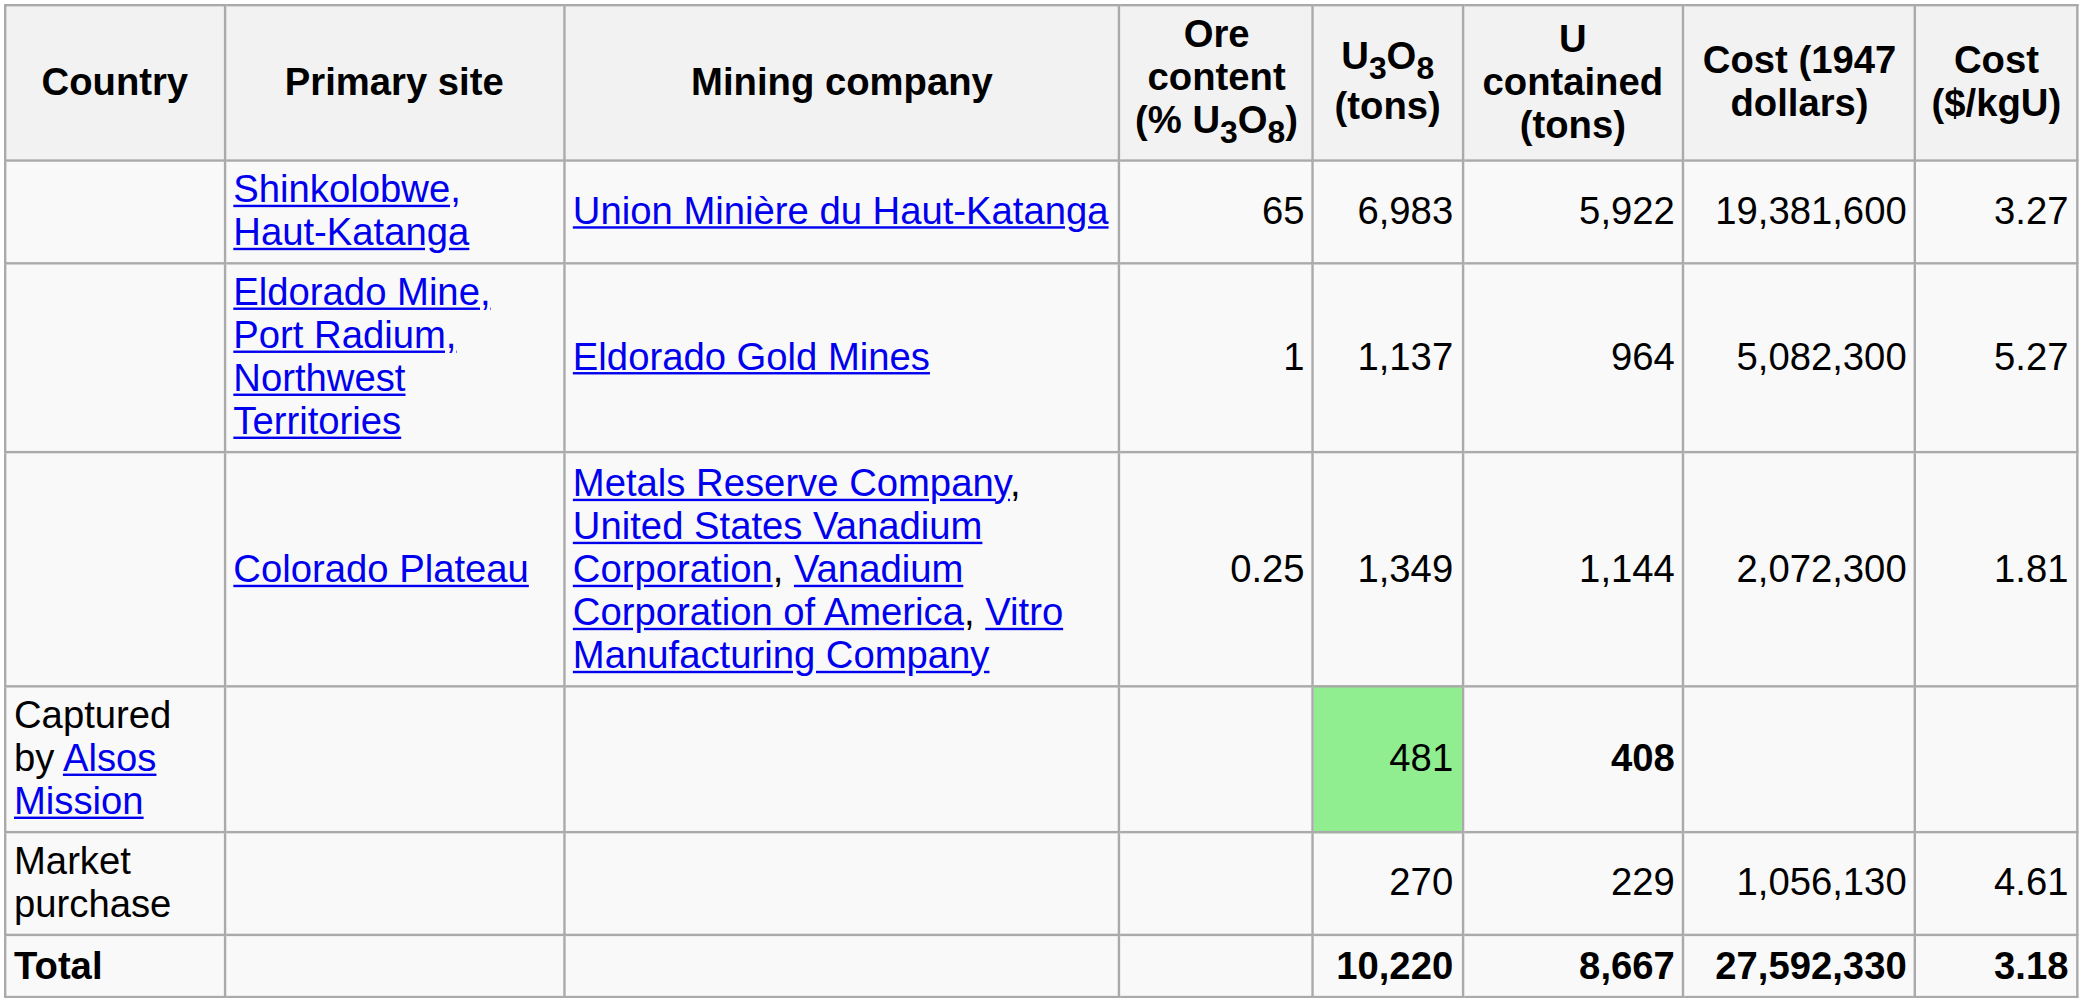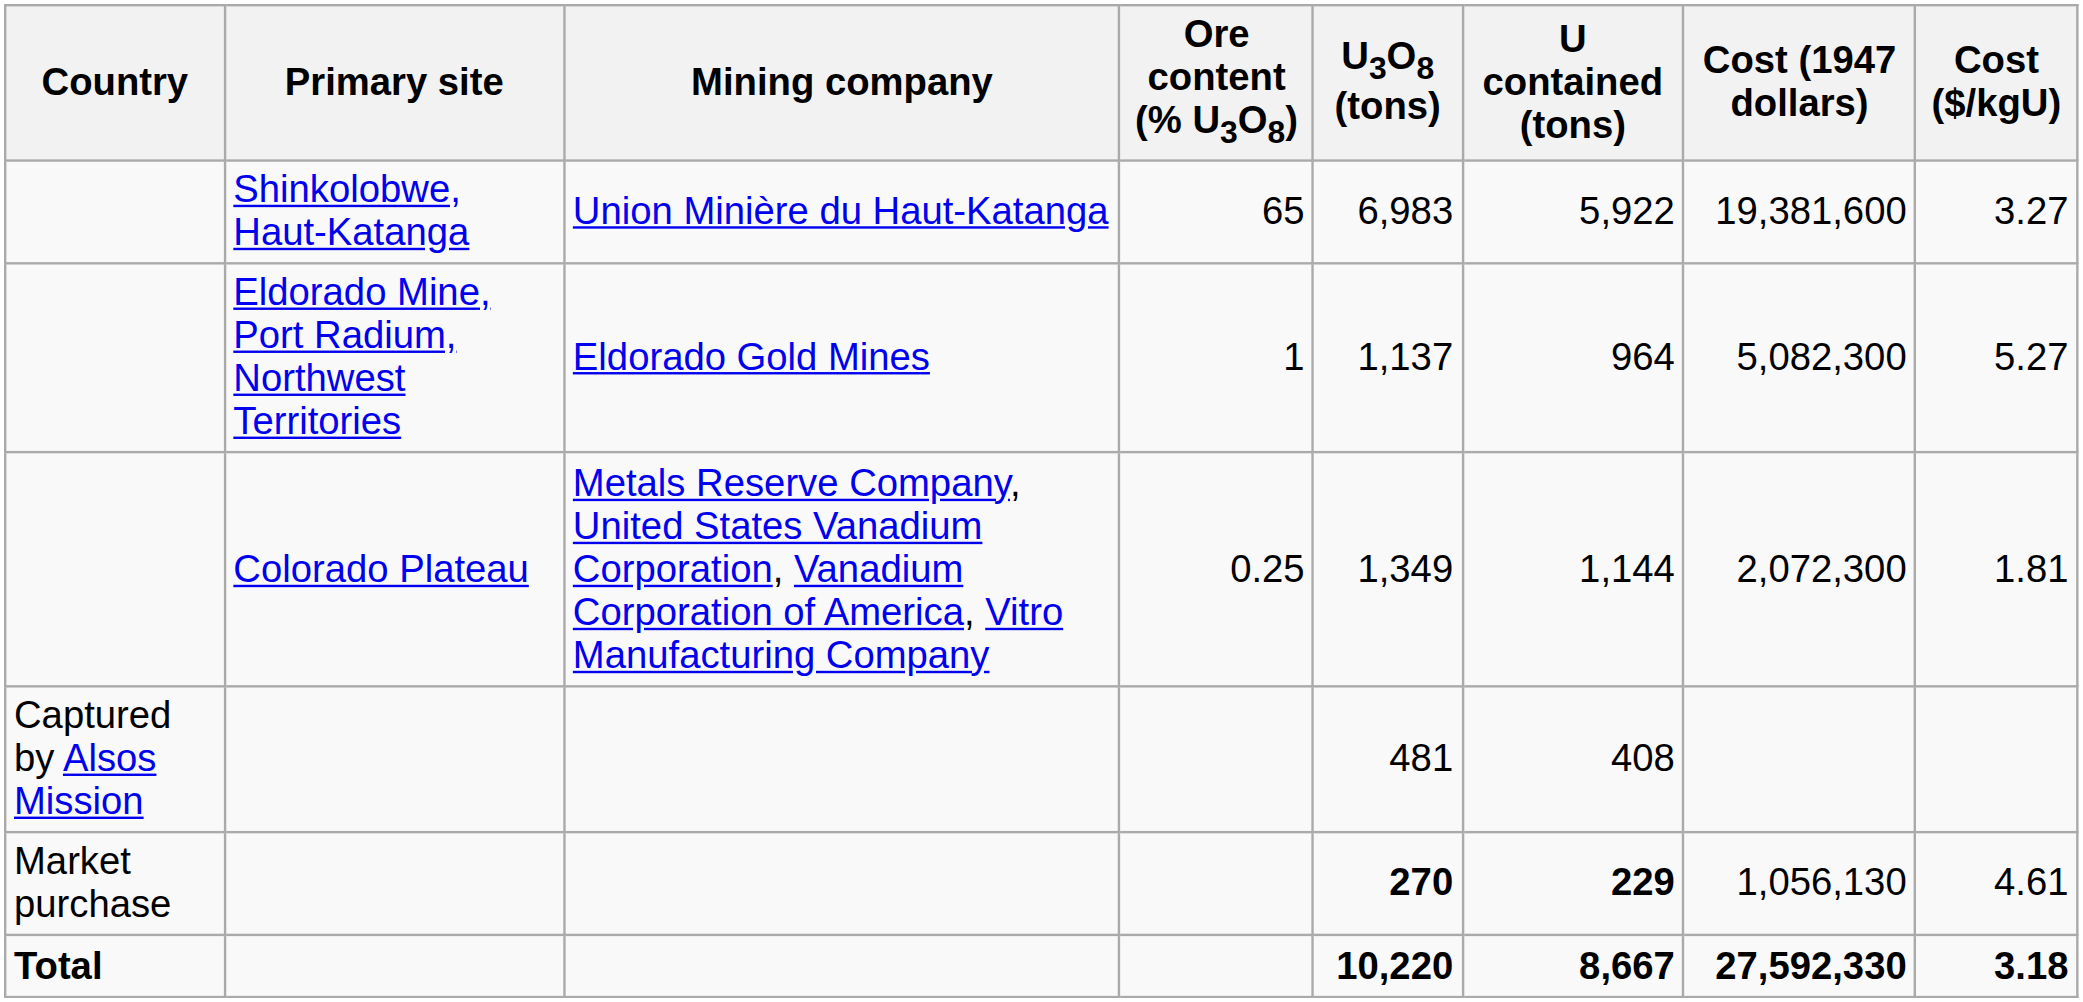 <table class="wikitable sortable">
 <tr>
 <th>Country</th>
 <th>Primary site</th>
 <th>Mining company</th>
 <th>Ore content (% U<sub>3</sub>O<sub>8</sub>)</th>
 <th>U<sub>3</sub>O<sub>8</sub> (tons)</th>
 <th>U contained (tons)</th>
 <th>Cost (1947 dollars)</th>
 <th>Cost ($/kgU)</th>
 </tr>
 <tr>
 <td></td>
 <td><a href='#'>Shinkolobwe, Haut-Katanga</a></td>
 <td><a href='#'>Union Minière du Haut-Katanga</a></td>
 <td align=right>65</td>
 <td align=right>6,983</td>
 <td align=right>5,922</td>
 <td align=right>19,381,600</td>
 <td align=right>3.27</td>
 </tr>
 <tr>
 <td></td>
 <td><a href='#'>Eldorado Mine, Port Radium, Northwest Territories</a></td>
 <td><a href='#'>Eldorado Gold Mines</a></td>
 <td align=right>1</td>
 <td align=right>1,137</td>
 <td align=right>964</td>
 <td align=right>5,082,300</td>
 <td align=right>5.27</td>
 </tr>
 <tr>
 <td></td>
 <td><a href='#'>Colorado Plateau</a></td>
 <td><a href='#'>Metals Reserve Company</a>, <a href='#'>United States Vanadium Corporation</a>, <a href='#'>Vanadium Corporation of America</a>, <a href='#'>Vitro Manufacturing Company</a></td>
 <td align=right>0.25</td>
 <td align=right>1,349</td>
 <td align=right>1,144</td>
 <td align=right>2,072,300</td>
 <td align=right>1.81</td>
 </tr>
 <tr>
 <td>Captured by <a href='#'>Alsos Mission</a></td>
 <td></td>
 <td></td>
 <td></td>
-<td align=right style="background: lightgreen;">481</td>
-<td align=right><strong>408</strong></td>
+<td align=right>481</td>
+<td align=right>408</td>
 <td></td>
 </tr>
 <tr>
 <td>Market purchase</td>
 <td></td>
 <td></td>
 <td></td>
-<td align=right>270</td>
-<td align=right>229</td>
+<td align=right><strong>270</strong></td>
+<td align=right><strong>229</strong></td>
 <td align=right>1,056,130</td>
 <td align=right>4.61</td>
 </tr>
 <tr>
 <td><strong>Total</strong></td>
 <td></td>
 <td></td>
 <td></td>
 <td align=right><strong>10,220</strong></td>
 <td align=right><strong>8,667</strong></td>
 <td align=right><strong>27,592,330</strong></td>
 <td align=right><strong>3.18</strong></td>
 </tr>
 </table>
